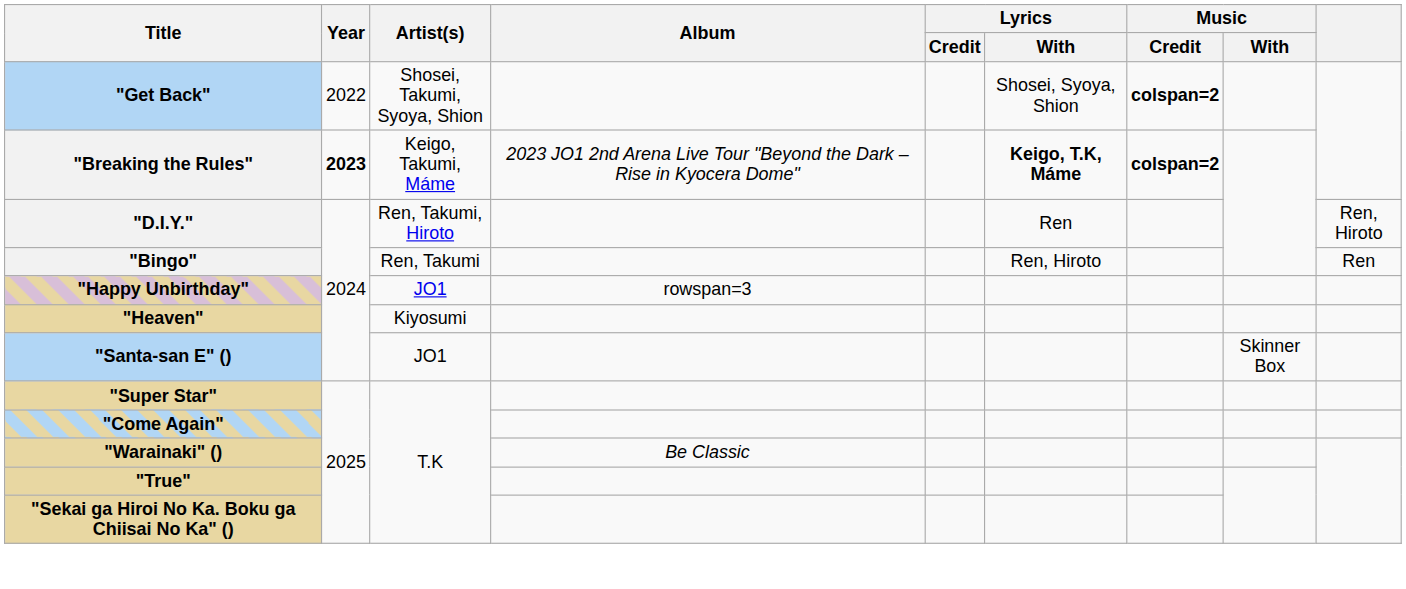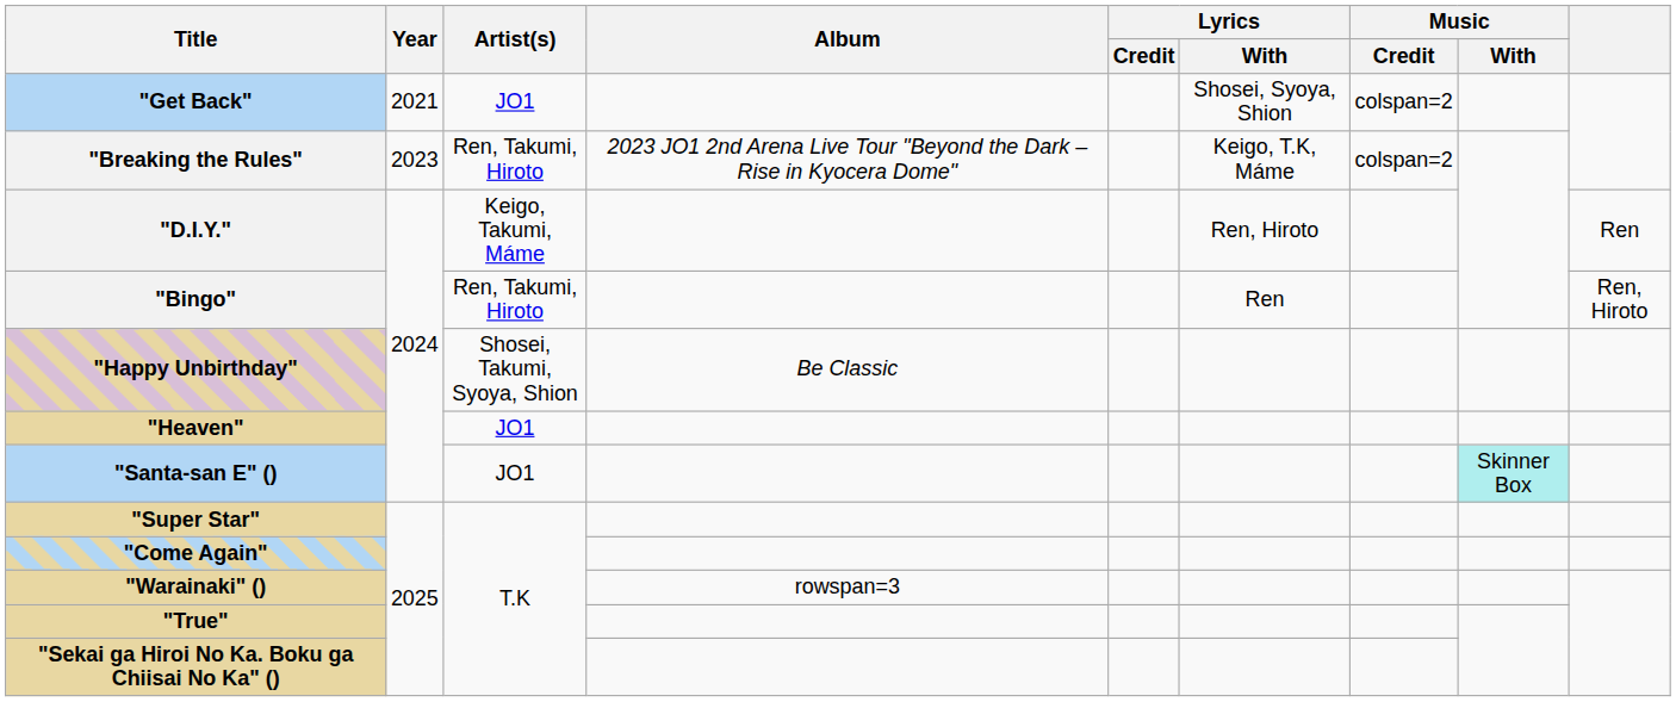 <table class="wikitable sortable plainrowheaders" style="text-align:center">
 <tr>
 <th scope="col" rowspan=2>Title</th>
 <th scope="col" rowspan=2>Year</th>
 <th scope="col" rowspan=2 width=100>Artist(s)</th>
 <th scope="col" rowspan=2>Album</th>
 <th scope="col" colspan=2>Lyrics</th>
 <th scope="col" colspan=2>Music</th>
 <th scope="col" rowspan=2 class="unsortable"></th>
 </tr>
 <tr>
 <th scope="col">Credit</th>
 <th scope="col" class="unsortable">With</th>
 <th scope="col">Credit</th>
 <th scope="col" class="unsortable">With</th>
 </tr>
 <tr>
 <th scope="row" style="background-color:#b1d6f5">"Get Back" </th>
-<td>2022</td>
-<td>Shosei, Takumi, Syoya, Shion</td>
+<td>2021</td>
+<td><a href='#'>JO1</a></td>
 <td></td>
 <td></td>
 <td>Shosei, Syoya, Shion</td>
-<td><strong>colspan=2 </strong></td>
+<td>colspan=2 </td>
 <td></td>
 </tr>
 <tr>
 <th scope="row">"Breaking the Rules"</th>
-<td><strong>2023</strong></td>
-<td>Keigo, Takumi, <a href='#'>Máme</a></td>
+<td>2023</td>
+<td>Ren, Takumi, <a href='#'>Hiroto</a></td>
 <td><em>2023 JO1 2nd Arena Live Tour "Beyond the Dark – Rise in Kyocera Dome"</em></td>
 <td></td>
-<td><strong>Keigo, T.K, Máme</strong></td>
-<td><strong>colspan=2 </strong></td>
+<td>Keigo, T.K, Máme</td>
+<td>colspan=2 </td>
 <td rowspan=3></td>
 </tr>
 <tr>
 <th scope="row">"D.I.Y."</th>
 <td rowspan=5>2024</td>
+<td>Keigo, Takumi, <a href='#'>Máme</a></td>
+<td></td>
+<td></td>
+<td>Ren, Hiroto</td>
+<td></td>
+<td>Ren</td>
+</tr>
+<tr>
+<th scope="row">"Bingo"</th>
 <td>Ren, Takumi, <a href='#'>Hiroto</a></td>
 <td></td>
 <td></td>
 <td>Ren</td>
 <td></td>
 <td>Ren, Hiroto</td>
 </tr>
 <tr>
-<th scope="row">"Bingo"</th>
-<td>Ren, Takumi</td>
-<td></td>
-<td></td>
-<td>Ren, Hiroto</td>
-<td></td>
-<td>Ren</td>
-</tr>
-<tr>
 <th scope="row" style="background: repeating-linear-gradient(45deg, #D8BFD8, #D8BFD8 10px, #e8d7a2 10px, #e8d7a2 20px);">"Happy Unbirthday" </th>
-<td><a href='#'>JO1</a></td>
-<td>rowspan=3 </td>
+<td>Shosei, Takumi, Syoya, Shion</td>
+<td><em>Be Classic</em></td>
 <td></td>
 <td></td>
 <td></td>
 <td></td>
 <td></td>
 </tr>
 <tr>
 <th scope="row" style="background-color:#e8d7a2">"Heaven" </th>
-<td>Kiyosumi</td>
+<td><a href='#'>JO1</a></td>
 <td></td>
 <td></td>
 <td></td>
 <td></td>
 <td></td>
 <td></td>
 </tr>
 <tr>
 <th scope="row" style="background-color:#b1d6f5">"Santa-san E" () </th>
 <td>JO1</td>
 <td></td>
 <td></td>
 <td></td>
 <td></td>
-<td>Skinner Box</td>
+<td style="background: paleturquoise;">Skinner Box</td>
 <td></td>
 </tr>
 <tr>
 <th scope="row" style="background-color:#e8d7a2">"Super Star" </th>
 <td rowspan=5>2025</td>
 <td rowspan=5>T.K</td>
 <td></td>
 <td></td>
 <td></td>
 <td></td>
 <td></td>
 <td></td>
 </tr>
 <tr>
 <th scope="row" style="background: repeating-linear-gradient(45deg, #e8d7a2, #e8d7a2 10px, #b1d6f5 10px, #b1d6f5 20px);">"Come Again" </th>
 <td></td>
 <td></td>
 <td></td>
 <td></td>
 <td></td>
 <td></td>
 </tr>
 <tr>
 <th scope="row" style="background-color:#e8d7a2">"Warainaki" () </th>
-<td><em>Be Classic</em></td>
+<td>rowspan=3 </td>
 <td></td>
 <td></td>
 <td></td>
 <td></td>
 <td rowspan=3></td>
 </tr>
 <tr>
 <th scope="row" style="background-color:#e8d7a2">"True" </th>
 <td></td>
 <td></td>
 <td></td>
 <td></td>
 </tr>
 <tr>
 <th scope="row" style="background-color:#e8d7a2">"Sekai ga Hiroi No Ka. Boku ga Chiisai No Ka" () </th>
 <td></td>
 <td></td>
 <td></td>
 <td></td>
 </tr>
 </table>
